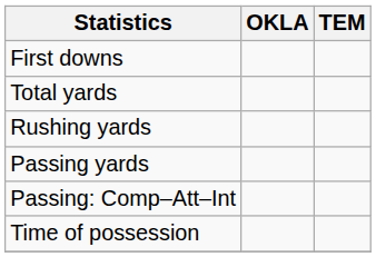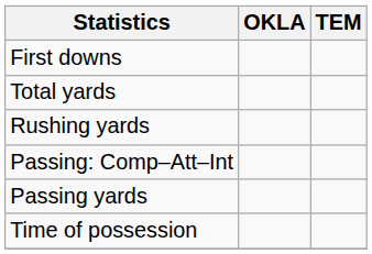 <table class="wikitable" style="float: left;">
 <tr>
 <th>Statistics</th>
 <th>OKLA</th>
 <th>TEM</th>
 </tr>
 <tr>
 <td>First downs</td>
 <td></td>
 <td></td>
 </tr>
 <tr>
 <td>Total yards</td>
 <td></td>
 <td></td>
 </tr>
 <tr>
 <td>Rushing yards</td>
 <td></td>
 <td></td>
 </tr>
 <tr>
-<td>Passing yards</td>
+<td>Passing: Comp–Att–Int</td>
 <td></td>
 <td></td>
 </tr>
 <tr>
-<td>Passing: Comp–Att–Int</td>
+<td>Passing yards</td>
 <td></td>
 <td></td>
 </tr>
 <tr>
 <td>Time of possession</td>
 <td></td>
 <td></td>
 </tr>
 <tr>
 </tr>
 </table>
